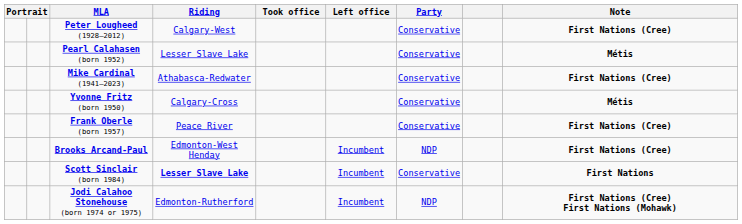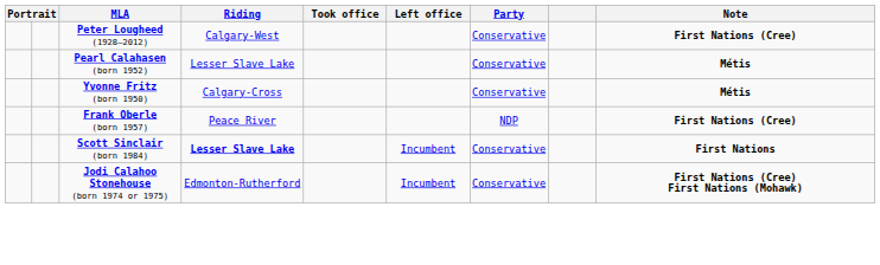 <table class="wikitable sortable plainrowheaders" style="text-align: center;">
 <tr>
 <th colspan="2" class=unsortable>Portrait</th>
 <th class="unsortable" style="width:150px;"><a href='#'>MLA</a></th>
 <th scope="col" style="width:150px;"><a href='#'>Riding</a></th>
 <th scope="col" style="width:100px;">Took office</th>
 <th scope="col" style="width:100px;">Left office</th>
 <th scope="col" style="width:70px;"><a href='#'>Party</a></th>
 <th scope="col" class="unsortable" style="width:55px;"></th>
 <th scope="col" class="unsortable" style="width:350px;">Note</th>
 </tr>
 <tr>
 <td rowspan="1" style="background:"></td>
 <td></td>
 <td><strong><a href='#'>Peter Lougheed</a></strong><br><small>(1928–2012)</small></td>
 <td><a href='#'>Calgary-West</a></td>
 <td></td>
 <td></td>
 <td><a href='#'>Conservative</a></td>
 <td></td>
 <td><strong>First Nations (Cree)</strong></td>
 </tr>
 <tr>
 <td rowspan="1" style="background:"></td>
 <td></td>
 <td><strong><a href='#'>Pearl Calahasen</a></strong><br><small>(born 1952)</small></td>
 <td><a href='#'>Lesser Slave Lake</a></td>
 <td></td>
 <td></td>
 <td><a href='#'>Conservative</a></td>
 <td></td>
 <td><strong>Métis</strong></td>
 </tr>
 <tr>
 <td rowspan="1" style="background:"></td>
 <td></td>
-<td><strong><a href='#'>Mike Cardinal</a></strong><br><small>(1941–2023)</small></td>
-<td><a href='#'>Athabasca-Redwater</a></td>
-<td></td>
-<td></td>
-<td><a href='#'>Conservative</a></td>
-<td></td>
-<td><strong>First Nations (Cree)</strong></td>
-</tr>
-<tr>
-<td rowspan="1" style="background:"></td>
-<td></td>
 <td><strong><a href='#'>Yvonne Fritz</a></strong><br><small>(born 1950)</small></td>
 <td><a href='#'>Calgary-Cross</a></td>
 <td></td>
 <td></td>
 <td><a href='#'>Conservative</a></td>
 <td></td>
 <td><strong>Métis</strong></td>
 </tr>
 <tr>
 <td rowspan="1" style="background:"></td>
 <td></td>
 <td><strong><a href='#'>Frank Oberle</a></strong><br><small>(born 1957)</small></td>
 <td><a href='#'>Peace River</a></td>
 <td></td>
 <td></td>
-<td><a href='#'>Conservative</a></td>
-<td></td>
-<td><strong>First Nations (Cree)</strong></td>
-</tr>
-<tr>
-<td rowspan="1" style="background:"></td>
-<td></td>
-<td><strong><a href='#'>Brooks Arcand-Paul</a></strong></td>
-<td><a href='#'>Edmonton-West Henday</a></td>
-<td></td>
-<td><a href='#'>Incumbent</a></td>
 <td><a href='#'>NDP</a></td>
 <td></td>
 <td><strong>First Nations (Cree)</strong></td>
 </tr>
 <tr>
 <td rowspan="1" style="background:"></td>
 <td></td>
 <td><strong><a href='#'>Scott Sinclair</a></strong><br><small>(born 1984)</small></td>
 <td><strong><a href='#'>Lesser Slave Lake</a></strong></td>
 <td></td>
 <td><a href='#'>Incumbent</a></td>
 <td><a href='#'>Conservative</a></td>
 <td></td>
 <td><strong>First Nations</strong></td>
 </tr>
 <tr>
 <td rowspan="1" style="background:"></td>
 <td></td>
 <td><strong><a href='#'>Jodi Calahoo Stonehouse</a></strong><br><small>(born 1974 or 1975)</small></td>
 <td><a href='#'>Edmonton-Rutherford</a></td>
 <td></td>
 <td><a href='#'>Incumbent</a></td>
-<td><a href='#'>NDP</a></td>
+<td><a href='#'>Conservative</a></td>
 <td></td>
 <td><strong>First Nations (Cree)</strong><br><strong>First Nations (Mohawk)</strong></td>
 </tr>
 </table>
